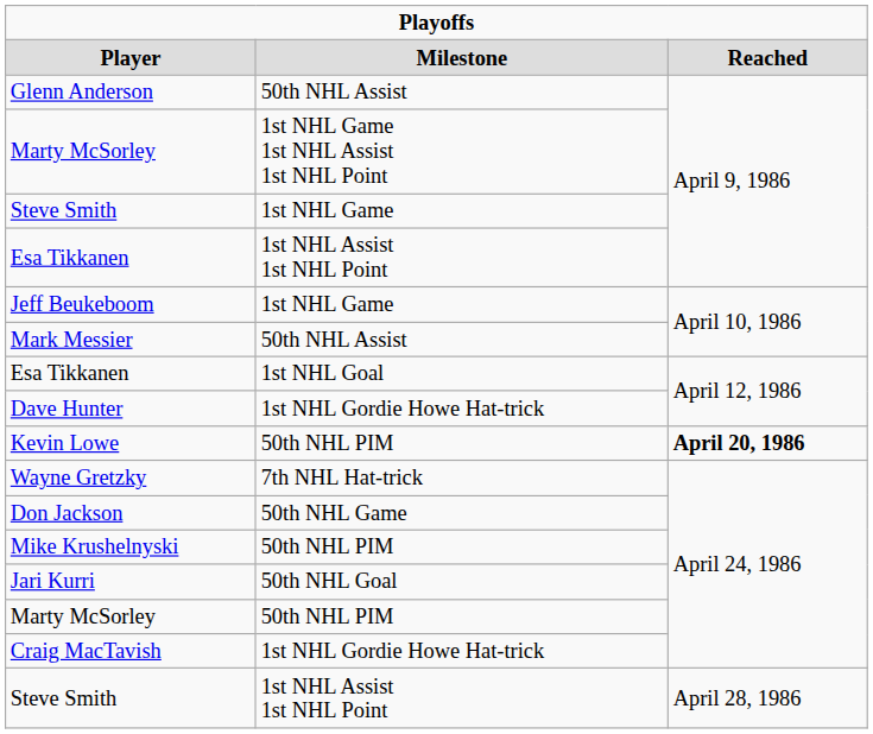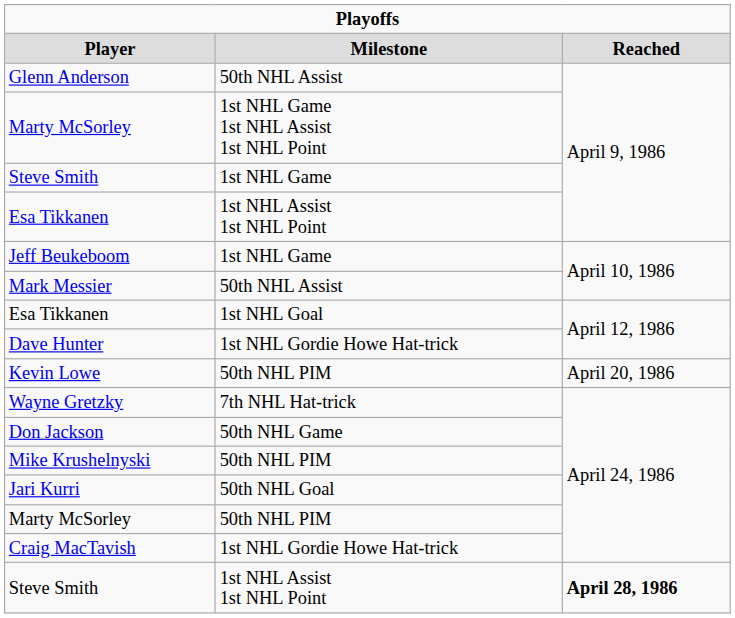 <table class="wikitable" style="width:50%;">
 <tr>
 <td colspan="10" style="text-align:center;"><strong>Playoffs</strong></td>
 </tr>
 <tr style="text-align:center; background:#ddd;">
 <td><strong>Player</strong></td>
 <td><strong>Milestone</strong></td>
 <td><strong>Reached</strong></td>
 </tr>
 <tr>
 <td><a href='#'>Glenn Anderson</a></td>
 <td>50th NHL Assist</td>
 <td rowspan="4">April 9, 1986</td>
 </tr>
 <tr>
 <td><a href='#'>Marty McSorley</a></td>
 <td>1st NHL Game<br>1st NHL Assist<br>1st NHL Point</td>
 </tr>
 <tr>
 <td><a href='#'>Steve Smith</a></td>
 <td>1st NHL Game</td>
 </tr>
 <tr>
 <td><a href='#'>Esa Tikkanen</a></td>
 <td>1st NHL Assist<br>1st NHL Point</td>
 </tr>
 <tr>
 <td><a href='#'>Jeff Beukeboom</a></td>
 <td>1st NHL Game</td>
 <td rowspan="2">April 10, 1986</td>
 </tr>
 <tr>
 <td><a href='#'>Mark Messier</a></td>
 <td>50th NHL Assist</td>
 </tr>
 <tr>
 <td>Esa Tikkanen</td>
 <td>1st NHL Goal</td>
 <td rowspan="2">April 12, 1986</td>
 </tr>
 <tr>
 <td><a href='#'>Dave Hunter</a></td>
 <td>1st NHL Gordie Howe Hat-trick</td>
 </tr>
 <tr>
 <td><a href='#'>Kevin Lowe</a></td>
 <td>50th NHL PIM</td>
-<td><strong>April 20, 1986</strong></td>
+<td>April 20, 1986</td>
 </tr>
 <tr>
 <td><a href='#'>Wayne Gretzky</a></td>
 <td>7th NHL Hat-trick</td>
 <td rowspan="6">April 24, 1986</td>
 </tr>
 <tr>
 <td><a href='#'>Don Jackson</a></td>
 <td>50th NHL Game</td>
 </tr>
 <tr>
 <td><a href='#'>Mike Krushelnyski</a></td>
 <td>50th NHL PIM</td>
 </tr>
 <tr>
 <td><a href='#'>Jari Kurri</a></td>
 <td>50th NHL Goal</td>
 </tr>
 <tr>
 <td>Marty McSorley</td>
 <td>50th NHL PIM</td>
 </tr>
 <tr>
 <td><a href='#'>Craig MacTavish</a></td>
 <td>1st NHL Gordie Howe Hat-trick</td>
 </tr>
 <tr>
 <td>Steve Smith</td>
 <td>1st NHL Assist<br>1st NHL Point</td>
-<td>April 28, 1986</td>
+<td><strong>April 28, 1986</strong></td>
 </tr>
 </table>
